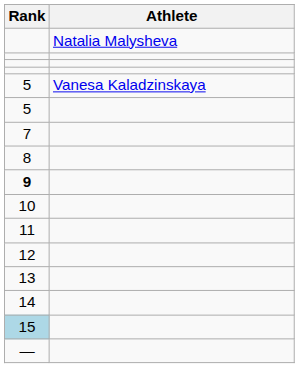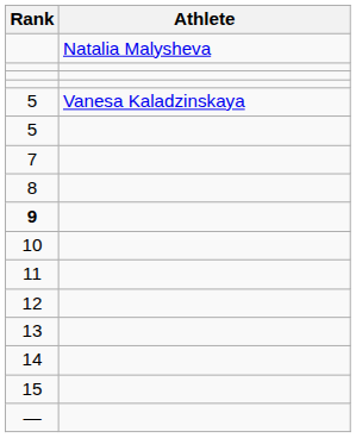 <table class="wikitable" style="text-align: center;">
 <tr>
 <th width=40>Rank</th>
 <th width=250>Athlete</th>
 </tr>
 <tr>
 <td></td>
 <td align="left"> <a href='#'>Natalia Malysheva</a> </td>
 </tr>
 <tr>
 <td></td>
 <td align="left"></td>
 </tr>
 <tr>
 <td></td>
 <td align="left"></td>
 </tr>
 <tr>
 <td></td>
 <td align="left"></td>
 </tr>
 <tr>
 <td>5</td>
 <td align="left"> <a href='#'>Vanesa Kaladzinskaya</a> </td>
 </tr>
 <tr>
 <td>5</td>
 <td align="left"></td>
 </tr>
 <tr>
 <td>7</td>
 <td align="left"></td>
 </tr>
 <tr>
 <td>8</td>
 <td align="left"></td>
 </tr>
 <tr>
 <td><strong>9</strong></td>
 <td align="left"></td>
 </tr>
 <tr>
 <td>10</td>
 <td align="left"></td>
 </tr>
 <tr>
 <td>11</td>
 <td align="left"></td>
 </tr>
 <tr>
 <td>12</td>
 <td align="left"></td>
 </tr>
 <tr>
 <td>13</td>
 <td align="left"></td>
 </tr>
 <tr>
 <td>14</td>
 <td align="left"></td>
 </tr>
 <tr>
-<td style="background: lightblue;">15</td>
+<td>15</td>
 <td align="left"></td>
 </tr>
 <tr>
 <td>—</td>
 <td align="left"></td>
 </tr>
 </table>
